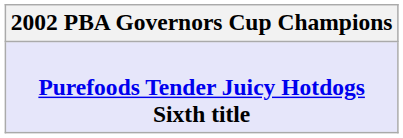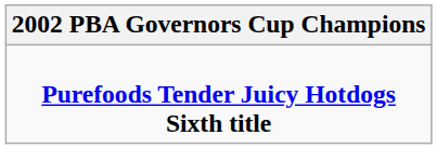 <table class=wikitable style="text-align:center; margin:auto">
 <tr>
 <th>2002 PBA Governors Cup Champions</th>
 </tr>
 <tr>
-<td style="background: lavender;"><br> <strong><a href='#'>Purefoods Tender Juicy Hotdogs</a></strong> <br> <strong>Sixth title</strong></td>
+<td><br> <strong><a href='#'>Purefoods Tender Juicy Hotdogs</a></strong> <br> <strong>Sixth title</strong></td>
 </tr>
 </table>
